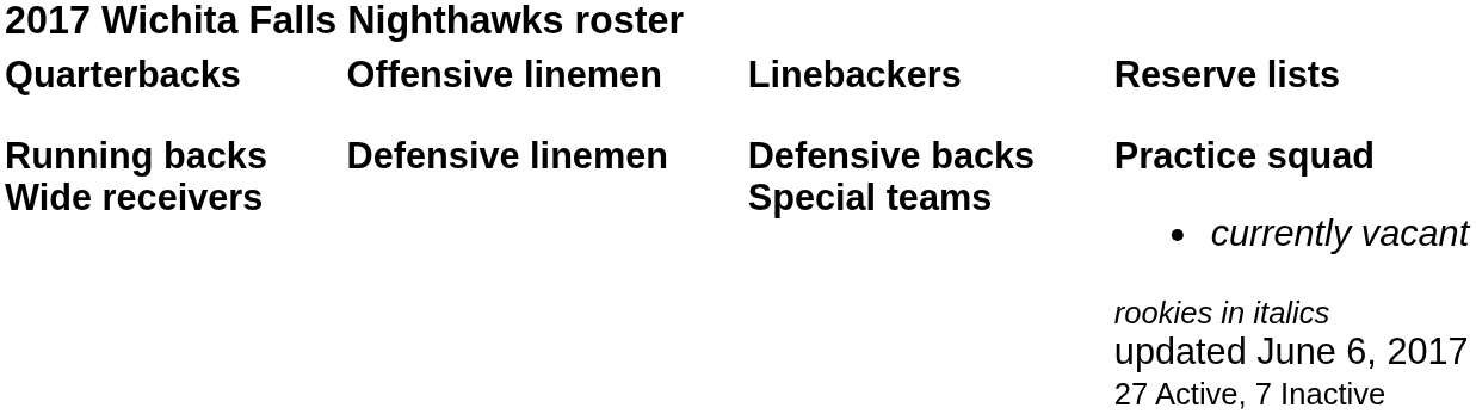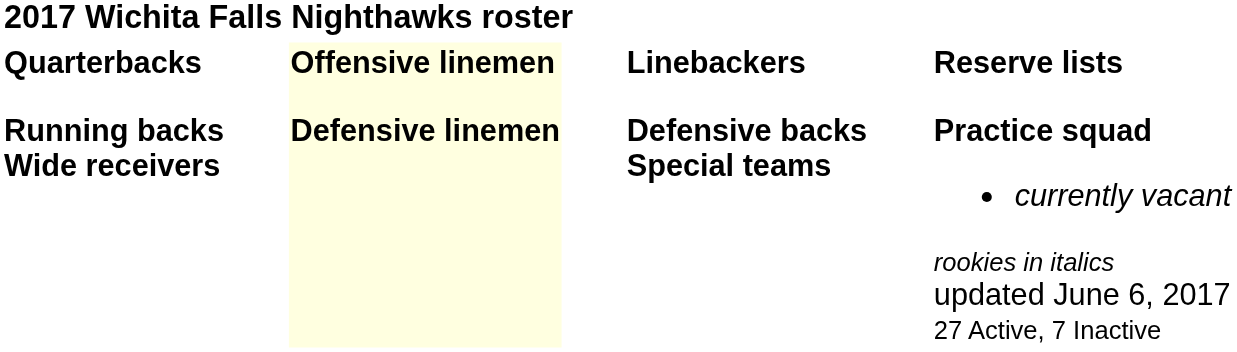 <table class="toccolours" style="text-align: left;">
 <tr>
 <th colspan="7"><strong>2017 Wichita Falls Nighthawks roster</strong></th>
 </tr>
 <tr>
 <td style="font-size: 95%;vertical-align:top;"><strong>Quarterbacks</strong><br><br><strong>Running backs</strong> <br><strong>Wide receivers</strong>      </td>
 <td style="width: 25px;"></td>
-<td style="font-size: 95%;vertical-align:top;"><strong>Offensive linemen</strong><br>     <br><strong>Defensive linemen</strong>      </td>
+<td style="background: lightyellow; font-size: 95%;vertical-align:top;"><strong>Offensive linemen</strong><br>     <br><strong>Defensive linemen</strong>      </td>
 <td style="width: 25px;"></td>
 <td style="font-size: 95%;vertical-align:top;"><strong>Linebackers</strong><br><br><strong>Defensive backs</strong>     <br><strong>Special teams</strong> </td>
 <td style="width: 25px;"></td>
 <td style="font-size: 95%;vertical-align:top;"><strong>Reserve lists</strong><br>      <br><strong>Practice squad</strong><ul><li><em>currently vacant</em></li></ul><small><em>rookies in italics</em></small><br>   updated June 6, 2017<br> <small>27 Active, 7 Inactive</small></td>
 </tr>
 <tr>
 </tr>
 </table>
